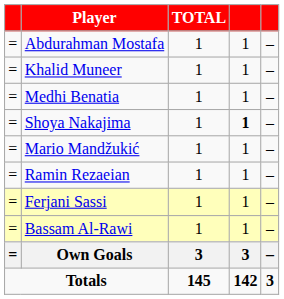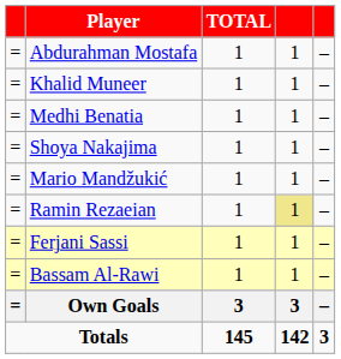 <table border="0" class="wikitable" style="text-align:center;font-size:95%">
 <tr>
 <th scope=col style="color:#FFFFFF; background:#FF0000;"></th>
 <th scope=col style="color:#FFFFFF; background:#FF0000;">Player</th>
 <th scope=col style="color:#FFFFFF; background:#FF0000;">TOTAL</th>
 <th scope=col style="color:#FFFFFF; background:#FF0000;" width=10><a href='#'></a></th>
 <th scope=col style="color:#FFFFFF; background:#FF0000;" width=10><a href='#'></a></th>
 </tr>
 <tr>
 <td align=left>=</td>
 <td align=left> <a href='#'>Abdurahman Mostafa</a></td>
 <td align=center>1</td>
 <td>1</td>
 <td>–</td>
 </tr>
 <tr>
 <td align=left>=</td>
 <td align=left> <a href='#'>Khalid Muneer</a></td>
 <td align=center>1</td>
 <td>1</td>
 <td>–</td>
 </tr>
 <tr>
 <td align=left>=</td>
 <td align=left> <a href='#'>Medhi Benatia</a></td>
 <td align=center>1</td>
 <td>1</td>
 <td>–</td>
 </tr>
 <tr>
 <td align=left>=</td>
 <td align=left> <a href='#'>Shoya Nakajima</a></td>
 <td align=center>1</td>
-<td><strong>1</strong></td>
+<td>1</td>
 <td>–</td>
 </tr>
 <tr>
 <td align=left>=</td>
 <td align=left> <a href='#'>Mario Mandžukić</a></td>
 <td align=center>1</td>
 <td>1</td>
 <td>–</td>
 </tr>
 <tr>
 <td align=left>=</td>
 <td align=left> <a href='#'>Ramin Rezaeian</a></td>
 <td align=center>1</td>
-<td>1</td>
+<td style="background: khaki;">1</td>
 <td>–</td>
 </tr>
 <tr style="background:#ffb">
 <td align=left>=</td>
 <td align=left> <a href='#'>Ferjani Sassi</a></td>
 <td align=center>1</td>
 <td>1</td>
 <td>–</td>
 </tr>
 <tr style="background:#ffb">
 <td align=left>=</td>
 <td align=left> <a href='#'>Bassam Al-Rawi</a></td>
 <td align=center>1</td>
 <td>1</td>
 <td>–</td>
 </tr>
 <tr>
 <th align=left>=</th>
 <th align=left>Own Goals</th>
 <th align=center>3</th>
 <th>3</th>
 <th>–</th>
 </tr>
 <tr class="sortbottom">
 <td colspan="2"><strong>Totals</strong></td>
 <td align=center><strong>145</strong></td>
 <td><strong>142</strong></td>
 <td><strong>3</strong></td>
 </tr>
 </table>
